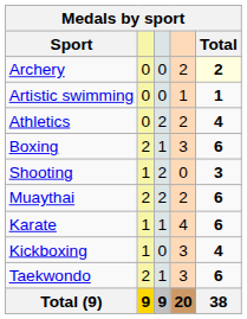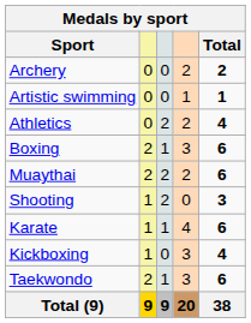 <table class="wikitable sortable" style="text-align:center;font-size:95%">
 <tr style="background:#efefef;">
 <th colspan=5>Medals by sport</th>
 </tr>
 <tr>
 <th>Sport</th>
 <td bgcolor=#f7f6a8></td>
 <td bgcolor=#dce5e5></td>
 <td bgcolor=#ffdab9></td>
 <th>Total</th>
 </tr>
 <tr>
 <td align=left><a href='#'>Archery</a></td>
 <td bgcolor=#f7f6a8>0</td>
 <td bgcolor=#dce5e5>0</td>
 <td bgcolor=#ffdab9>2</td>
-<td style="background: lightyellow;"><strong>2</strong></td>
+<td><strong>2</strong></td>
 </tr>
 <tr>
 <td align=left><a href='#'>Artistic swimming</a></td>
 <td bgcolor=#f7f6a8>0</td>
 <td bgcolor=#dce5e5>0</td>
 <td bgcolor=#ffdab9>1</td>
 <td><strong>1</strong></td>
 </tr>
 <tr>
 <td align=left><a href='#'>Athletics</a></td>
 <td bgcolor=#f7f6a8>0</td>
 <td bgcolor=#dce5e5>2</td>
 <td bgcolor=#ffdab9>2</td>
 <td><strong>4</strong></td>
 </tr>
 <tr>
 <td align=left><a href='#'>Boxing</a></td>
 <td bgcolor=#f7f6a8>2</td>
 <td bgcolor=#dce5e5>1</td>
 <td bgcolor=#ffdab9>3</td>
 <td><strong>6</strong></td>
 </tr>
 <tr>
+<td align=left><a href='#'>Muaythai</a></td>
+<td bgcolor=#f7f6a8>2</td>
+<td bgcolor=#dce5e5>2</td>
+<td bgcolor=#ffdab9>2</td>
+<td><strong>6</strong></td>
+</tr>
+<tr>
 <td align=left><a href='#'>Shooting</a></td>
 <td bgcolor=#f7f6a8>1</td>
 <td bgcolor=#dce5e5>2</td>
 <td bgcolor=#ffdab9>0</td>
 <td><strong>3</strong></td>
-</tr>
-<tr>
-<td align=left><a href='#'>Muaythai</a></td>
-<td bgcolor=#f7f6a8>2</td>
-<td bgcolor=#dce5e5>2</td>
-<td bgcolor=#ffdab9>2</td>
-<td><strong>6</strong></td>
 </tr>
 <tr>
 <td align=left><a href='#'>Karate</a></td>
 <td bgcolor=#f7f6a8>1</td>
 <td bgcolor=#dce5e5>1</td>
 <td bgcolor=#ffdab9>4</td>
 <td><strong>6</strong></td>
 </tr>
 <tr>
 <td align=left><a href='#'>Kickboxing</a></td>
 <td bgcolor=#f7f6a8>1</td>
 <td bgcolor=#dce5e5>0</td>
 <td bgcolor=#ffdab9>3</td>
 <td><strong>4</strong></td>
 </tr>
 <tr>
 <td align=left><a href='#'>Taekwondo</a></td>
 <td bgcolor=#f7f6a8>2</td>
 <td bgcolor=#dce5e5>1</td>
 <td bgcolor=#ffdab9>3</td>
 <td><strong>6</strong></td>
 </tr>
 <tr>
 <th>Total (9)</th>
 <th style="background:gold;">9</th>
 <th style="background:silver;">9</th>
 <th style="background:#c96;">20</th>
 <th>38</th>
 </tr>
 </table>
